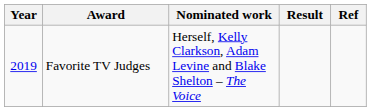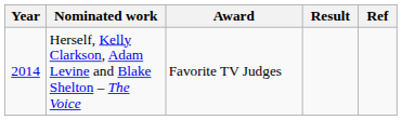 <table class="wikitable" style="width:70%;">
 <tr>
 <th style="width:3%;">Year</th>
+<th style="width:20%;">Nominated work</th>
 <th style="width:23%;">Award</th>
-<th style="width:20%;">Nominated work</th>
 <th style="width:5%;">Result</th>
 <th style="width:5%;">Ref</th>
 </tr>
 <tr>
-<td align="center"><a href='#'>2019</a></td>
+<td align="center"><a href='#'>2014</a></td>
+<td>Herself, <a href='#'>Kelly Clarkson</a>, <a href='#'>Adam Levine</a> and <a href='#'>Blake Shelton</a> – <em><a href='#'>The Voice</a></em></td>
 <td>Favorite TV Judges</td>
-<td>Herself, <a href='#'>Kelly Clarkson</a>, <a href='#'>Adam Levine</a> and <a href='#'>Blake Shelton</a> – <em><a href='#'>The Voice</a></em></td>
 <td></td>
 <td align="center"></td>
 </tr>
 </table>
